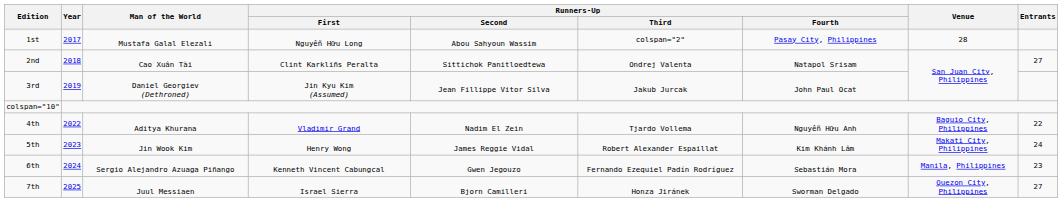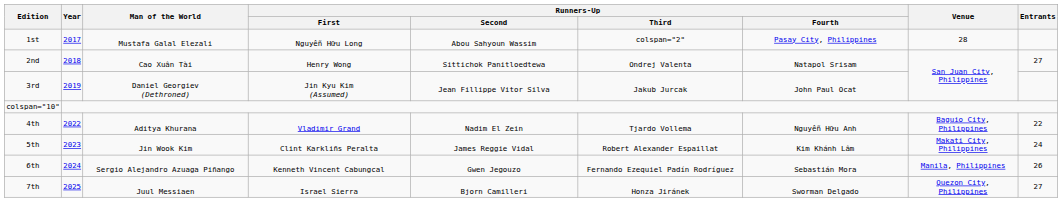 <table class="wikitable" style="font-size:85%; text-align:center;">
 <tr>
 <th rowspan="2">Edition</th>
 <th rowspan="2">Year</th>
 <th rowspan="2"  width="320">Man of the World</th>
 <th colspan="4">Runners-Up</th>
 <th rowspan="2" width="200">Venue</th>
 <th rowspan="2">Entrants</th>
 </tr>
 <tr>
 <th width="320">First</th>
 <th width="320">Second</th>
 <th width="320">Third</th>
 <th width="320">Fourth</th>
 </tr>
 <tr>
 <td>1st</td>
 <td><a href='#'>2017</a></td>
 <td><br>Mustafa Galal Elezali</td>
 <td><br>Nguyễn Hữu Long</td>
 <td><br>Abou Sahyoun Wassim</td>
 <td>colspan="2" </td>
 <td><a href='#'>Pasay City</a>, <a href='#'>Philippines</a></td>
 <td>28</td>
 </tr>
 <tr>
 <td>2nd</td>
 <td><a href='#'>2018</a></td>
 <td><br>Cao Xuân Tài</td>
-<td><br>Clint Karkliñs Peralta</td>
+<td> <br> Henry Wong</td>
 <td> <br> Sittichok Panitloedtewa</td>
 <td><br>Ondrej Valenta</td>
 <td><br>Natapol Srisam</td>
 <td rowspan="2"><a href='#'>San Juan City</a>, <a href='#'>Philippines</a></td>
 <td>27</td>
 </tr>
 <tr>
 <td>3rd</td>
 <td><a href='#'>2019</a></td>
 <td><br>Daniel Georgiev<br><em>(Dethroned)</em></td>
 <td><br> Jin Kyu Kim<br><em>(Assumed)</em></td>
 <td><br>Jean Fillippe Vitor Silva</td>
 <td><br>Jakub Jurcak</td>
 <td><br>John Paul Ocat</td>
 <td></td>
 </tr>
 <tr>
 <td>colspan="10" </td>
 </tr>
 <tr>
 <td>4th</td>
 <td><a href='#'>2022</a></td>
 <td><br>Aditya Khurana</td>
 <td><br><a href='#'>Vladimir Grand</a></td>
 <td><br>Nadim El Zein</td>
 <td><br>Tjardo Vollema</td>
 <td><br>Nguyễn Hữu Anh</td>
 <td><a href='#'>Baguio City</a>, <a href='#'>Philippines</a></td>
 <td>22</td>
 </tr>
 <tr>
 <td>5th</td>
 <td><a href='#'>2023</a></td>
 <td> <br>Jin Wook Kim</td>
-<td> <br> Henry Wong</td>
+<td><br>Clint Karkliñs Peralta</td>
 <td> <br> James Reggie Vidal</td>
 <td> <br> Robert Alexander Espaillat</td>
 <td> <br> Kim Khánh Lâm</td>
 <td><a href='#'>Makati City</a>, <a href='#'>Philippines</a></td>
 <td>24</td>
 </tr>
 <tr>
 <td>6th</td>
 <td><a href='#'>2024</a></td>
 <td> <br> Sergio Alejandro Azuaga Piñango</td>
 <td> <br> Kenneth Vincent Cabungcal</td>
 <td> <br> Gwen Jegouzo</td>
 <td> <br> Fernando Ezequiel Padín Rodríguez</td>
 <td> <br> Sebastián Mora</td>
 <td><a href='#'>Manila</a>, <a href='#'>Philippines</a></td>
-<td>23</td>
+<td>26</td>
 </tr>
 <tr>
 <td>7th</td>
 <td><a href='#'>2025</a></td>
 <td> <br> Juul Messiaen</td>
 <td> <br> Israel Sierra</td>
 <td><br>Bjorn Camilleri</td>
 <td> <br> Honza Jiránek</td>
 <td> <br> Sworman Delgado</td>
 <td><a href='#'>Quezon City</a>, <a href='#'>Philippines</a></td>
 <td>27</td>
 </tr>
 </table>
